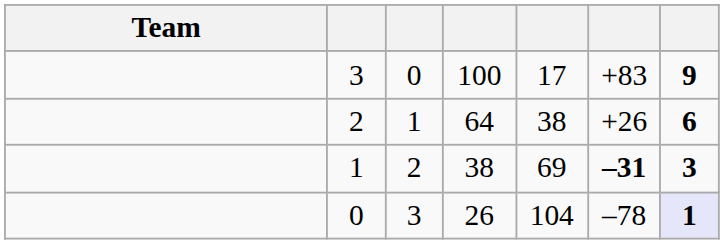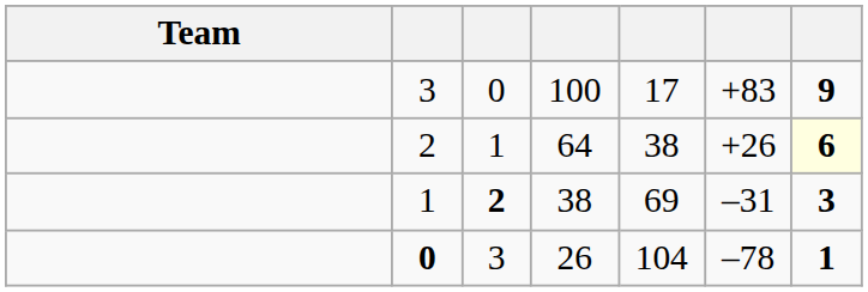 <table class="wikitable" style="text-align:center;">
 <tr>
 <th style="width:10.5em;">Team</th>
 <th style="width:1.5em;"></th>
 <th style="width:1.5em;"></th>
 <th style="width:2.0em;"></th>
 <th style="width:2.0em;"></th>
 <th style="width:2.0em;"></th>
 <th style="width:1.5em;"></th>
 </tr>
 <tr>
 <td align="left"></td>
 <td>3</td>
 <td>0</td>
 <td>100</td>
 <td>17</td>
 <td>+83</td>
 <td><strong>9</strong></td>
 </tr>
 <tr>
 <td align="left"></td>
 <td>2</td>
 <td>1</td>
 <td>64</td>
 <td>38</td>
 <td>+26</td>
-<td><strong>6</strong></td>
+<td style="background: lightyellow;"><strong>6</strong></td>
 </tr>
 <tr>
 <td align="left"></td>
 <td>1</td>
-<td>2</td>
+<td><strong>2</strong></td>
 <td>38</td>
 <td>69</td>
-<td><strong>–31</strong></td>
+<td>–31</td>
 <td><strong>3</strong></td>
 </tr>
 <tr>
 <td align="left"></td>
-<td>0</td>
+<td><strong>0</strong></td>
 <td>3</td>
 <td>26</td>
 <td>104</td>
 <td>–78</td>
-<td style="background: lavender;"><strong>1</strong></td>
+<td><strong>1</strong></td>
 </tr>
 </table>
